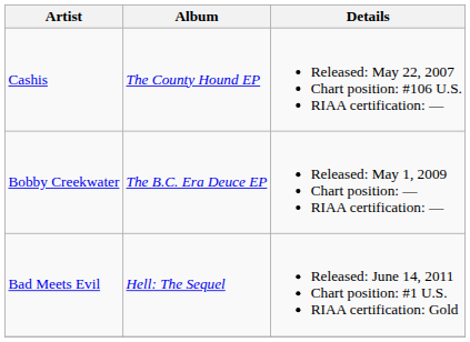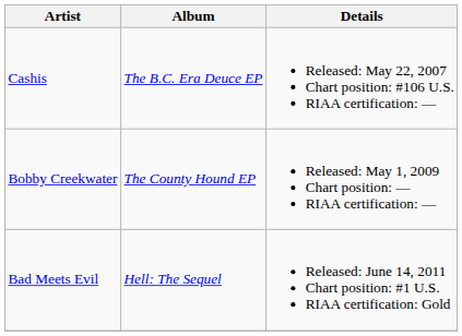 <table class="wikitable sortable">
 <tr>
 <th>Artist</th>
 <th>Album</th>
 <th class="unsortable">Details</th>
 </tr>
 <tr>
 <td><a href='#'>Cashis</a></td>
-<td><em><a href='#'>The County Hound EP</a></em></td>
+<td><em><a href='#'>The B.C. Era Deuce EP</a></em></td>
 <td><br><ul><li>Released: May 22, 2007</li><li>Chart position: #106 U.S.</li><li>RIAA certification: —</li></ul></td>
 </tr>
 <tr>
 <td><a href='#'>Bobby Creekwater</a></td>
-<td><em><a href='#'>The B.C. Era Deuce EP</a></em></td>
+<td><em><a href='#'>The County Hound EP</a></em></td>
 <td><br><ul><li>Released: May 1, 2009</li><li>Chart position: —</li><li>RIAA certification: —</li></ul></td>
 </tr>
 <tr>
 <td><a href='#'>Bad Meets Evil</a></td>
 <td><em><a href='#'>Hell: The Sequel</a></em></td>
 <td><br><ul><li>Released: June 14, 2011</li><li>Chart position: #1 U.S.</li><li>RIAA certification: Gold</li></ul></td>
 </tr>
 <tr>
 </tr>
 </table>
